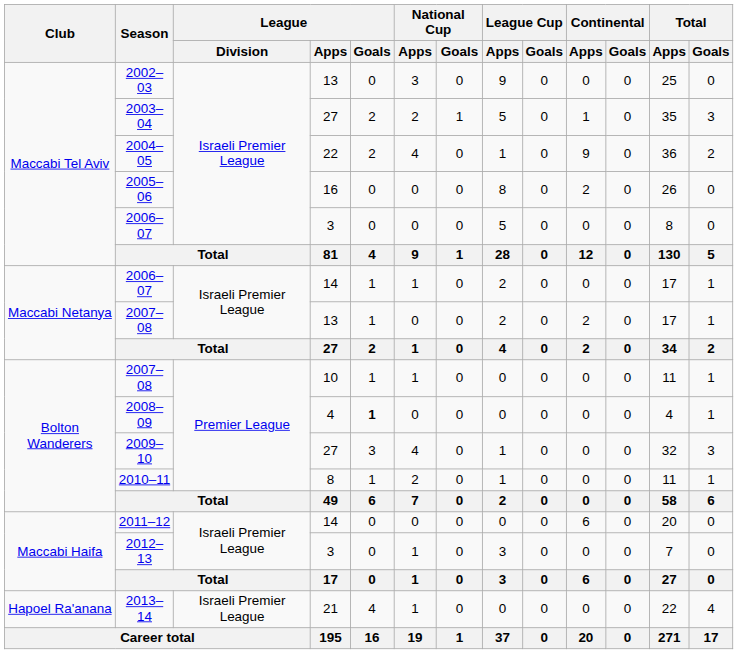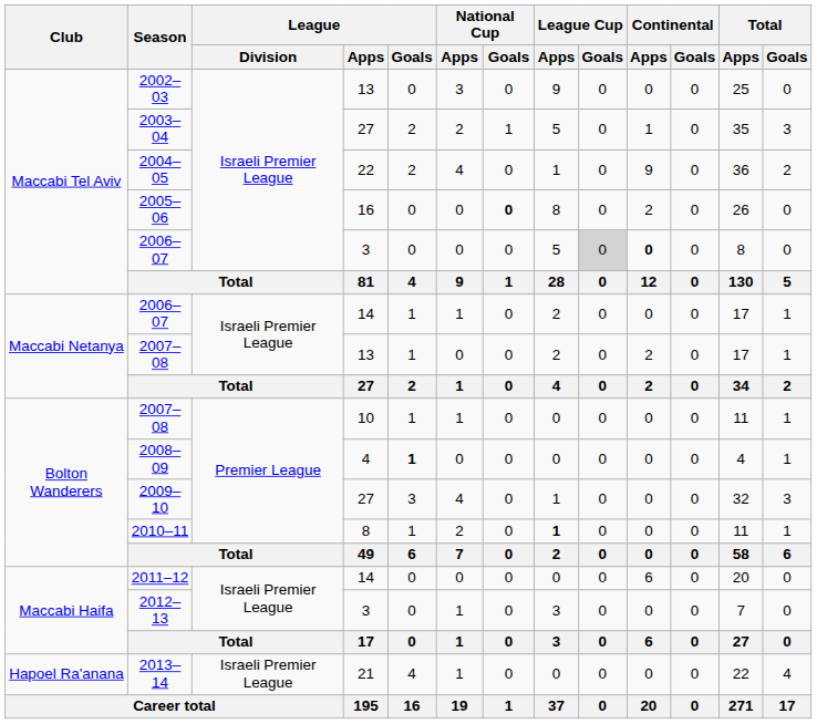 <table class="wikitable" style="text-align:center">
 <tr>
 <th rowspan="2">Club</th>
 <th rowspan="2">Season</th>
 <th colspan="3">League</th>
 <th colspan="2">National Cup</th>
 <th colspan="2">League Cup</th>
 <th colspan="2">Continental</th>
 <th colspan="2">Total</th>
 </tr>
 <tr>
 <th>Division</th>
 <th>Apps</th>
 <th>Goals</th>
 <th>Apps</th>
 <th>Goals</th>
 <th>Apps</th>
 <th>Goals</th>
 <th>Apps</th>
 <th>Goals</th>
 <th>Apps</th>
 <th>Goals</th>
 </tr>
 <tr>
 <td rowspan="6"><a href='#'>Maccabi Tel Aviv</a></td>
 <td><a href='#'>2002–03</a></td>
 <td rowspan="5"><a href='#'>Israeli Premier League</a></td>
 <td>13</td>
 <td>0</td>
 <td>3</td>
 <td>0</td>
 <td>9</td>
 <td>0</td>
 <td>0</td>
 <td>0</td>
 <td>25</td>
 <td>0</td>
 </tr>
 <tr>
 <td><a href='#'>2003–04</a></td>
 <td>27</td>
 <td>2</td>
 <td>2</td>
 <td>1</td>
 <td>5</td>
 <td>0</td>
 <td>1</td>
 <td>0</td>
 <td>35</td>
 <td>3</td>
 </tr>
 <tr>
 <td><a href='#'>2004–05</a></td>
 <td>22</td>
 <td>2</td>
 <td>4</td>
 <td>0</td>
 <td>1</td>
 <td>0</td>
 <td>9</td>
 <td>0</td>
 <td>36</td>
 <td>2</td>
 </tr>
 <tr>
 <td><a href='#'>2005–06</a></td>
 <td>16</td>
 <td>0</td>
 <td>0</td>
-<td>0</td>
+<td><strong>0</strong></td>
 <td>8</td>
 <td>0</td>
 <td>2</td>
 <td>0</td>
 <td>26</td>
 <td>0</td>
 </tr>
 <tr>
 <td><a href='#'>2006–07</a></td>
 <td>3</td>
 <td>0</td>
 <td>0</td>
 <td>0</td>
 <td>5</td>
-<td>0</td>
-<td>0</td>
+<td style="background: lightgrey;">0</td>
+<td><strong>0</strong></td>
 <td>0</td>
 <td>8</td>
 <td>0</td>
 </tr>
 <tr>
 <th colspan="2">Total</th>
 <th>81</th>
 <th>4</th>
 <th>9</th>
 <th>1</th>
 <th>28</th>
 <th>0</th>
 <th>12</th>
 <th>0</th>
 <th>130</th>
 <th>5</th>
 </tr>
 <tr>
 <td rowspan="3"><a href='#'>Maccabi Netanya</a></td>
 <td><a href='#'>2006–07</a></td>
 <td rowspan="2">Israeli Premier League</td>
 <td>14</td>
 <td>1</td>
 <td>1</td>
 <td>0</td>
 <td>2</td>
 <td>0</td>
 <td>0</td>
 <td>0</td>
 <td>17</td>
 <td>1</td>
 </tr>
 <tr>
 <td><a href='#'>2007–08</a></td>
 <td>13</td>
 <td>1</td>
 <td>0</td>
 <td>0</td>
 <td>2</td>
 <td>0</td>
 <td>2</td>
 <td>0</td>
 <td>17</td>
 <td>1</td>
 </tr>
 <tr>
 <th colspan="2">Total</th>
 <th>27</th>
 <th>2</th>
 <th>1</th>
 <th>0</th>
 <th>4</th>
 <th>0</th>
 <th>2</th>
 <th>0</th>
 <th>34</th>
 <th>2</th>
 </tr>
 <tr>
 <td rowspan="5"><a href='#'>Bolton Wanderers</a></td>
 <td><a href='#'>2007–08</a></td>
 <td rowspan="4"><a href='#'>Premier League</a></td>
 <td>10</td>
 <td>1</td>
 <td>1</td>
 <td>0</td>
 <td>0</td>
 <td>0</td>
 <td>0</td>
 <td>0</td>
 <td>11</td>
 <td>1</td>
 </tr>
 <tr>
 <td><a href='#'>2008–09</a></td>
 <td>4</td>
 <td><strong>1</strong></td>
 <td>0</td>
 <td>0</td>
 <td>0</td>
 <td>0</td>
 <td>0</td>
 <td>0</td>
 <td>4</td>
 <td>1</td>
 </tr>
 <tr>
 <td><a href='#'>2009–10</a></td>
 <td>27</td>
 <td>3</td>
 <td>4</td>
 <td>0</td>
 <td>1</td>
 <td>0</td>
 <td>0</td>
 <td>0</td>
 <td>32</td>
 <td>3</td>
 </tr>
 <tr>
 <td><a href='#'>2010–11</a></td>
 <td>8</td>
 <td>1</td>
 <td>2</td>
 <td>0</td>
-<td>1</td>
+<td><strong>1</strong></td>
 <td>0</td>
 <td>0</td>
 <td>0</td>
 <td>11</td>
 <td>1</td>
 </tr>
 <tr>
 <th colspan="2">Total</th>
 <th>49</th>
 <th>6</th>
 <th>7</th>
 <th>0</th>
 <th>2</th>
 <th>0</th>
 <th>0</th>
 <th>0</th>
 <th>58</th>
 <th>6</th>
 </tr>
 <tr>
 <td rowspan="3"><a href='#'>Maccabi Haifa</a></td>
 <td><a href='#'>2011–12</a></td>
 <td rowspan="2">Israeli Premier League</td>
 <td>14</td>
 <td>0</td>
 <td>0</td>
 <td>0</td>
 <td>0</td>
 <td>0</td>
 <td>6</td>
 <td>0</td>
 <td>20</td>
 <td>0</td>
 </tr>
 <tr>
 <td><a href='#'>2012–13</a></td>
 <td>3</td>
 <td>0</td>
 <td>1</td>
 <td>0</td>
 <td>3</td>
 <td>0</td>
 <td>0</td>
 <td>0</td>
 <td>7</td>
 <td>0</td>
 </tr>
 <tr>
 <th colspan="2">Total</th>
 <th>17</th>
 <th>0</th>
 <th>1</th>
 <th>0</th>
 <th>3</th>
 <th>0</th>
 <th>6</th>
 <th>0</th>
 <th>27</th>
 <th>0</th>
 </tr>
 <tr>
 <td><a href='#'>Hapoel Ra'anana</a></td>
 <td><a href='#'>2013–14</a></td>
 <td>Israeli Premier League</td>
 <td>21</td>
 <td>4</td>
 <td>1</td>
 <td>0</td>
 <td>0</td>
 <td>0</td>
 <td>0</td>
 <td>0</td>
 <td>22</td>
 <td>4</td>
 </tr>
 <tr>
 <th colspan="3">Career total</th>
 <th>195</th>
 <th>16</th>
 <th>19</th>
 <th>1</th>
 <th>37</th>
 <th>0</th>
 <th>20</th>
 <th>0</th>
 <th>271</th>
 <th>17</th>
 </tr>
 </table>
